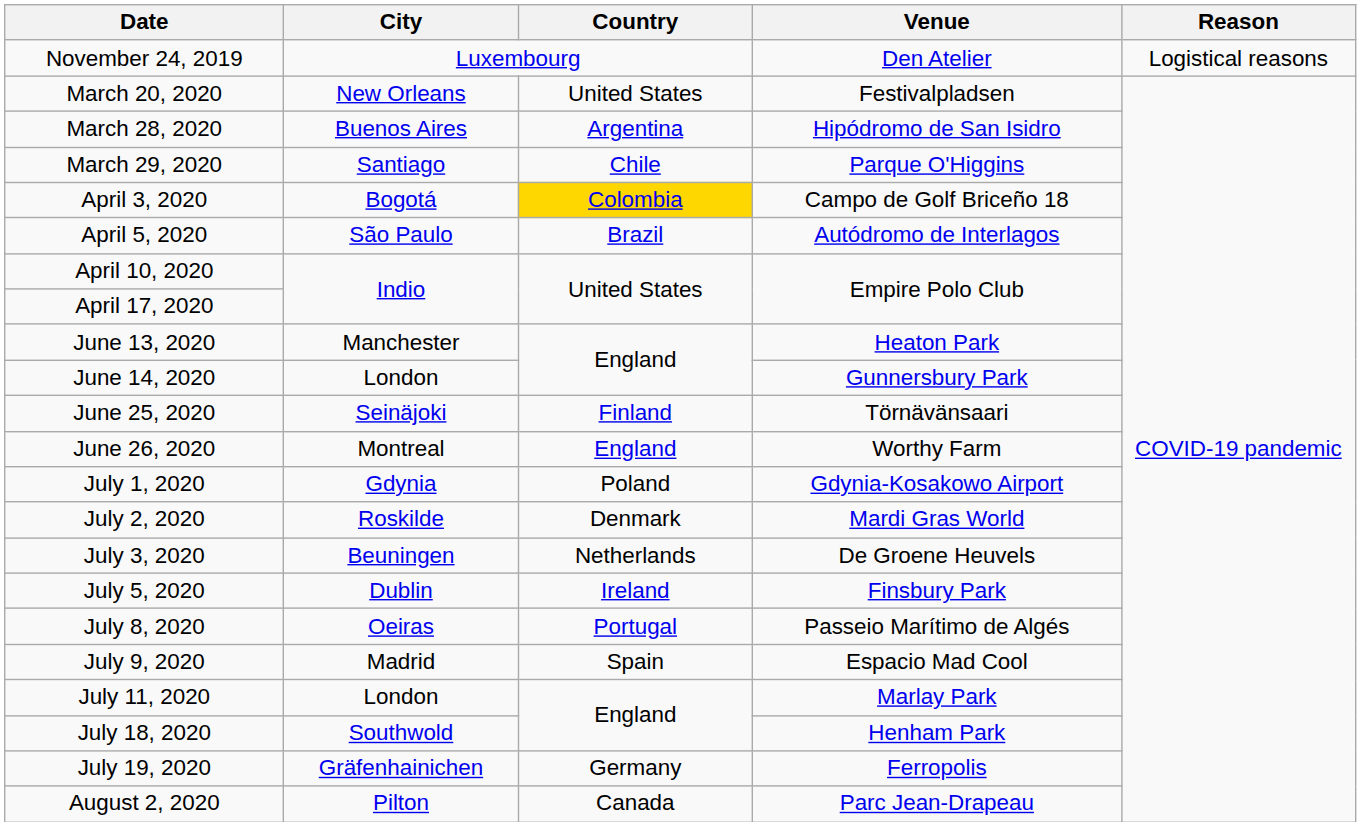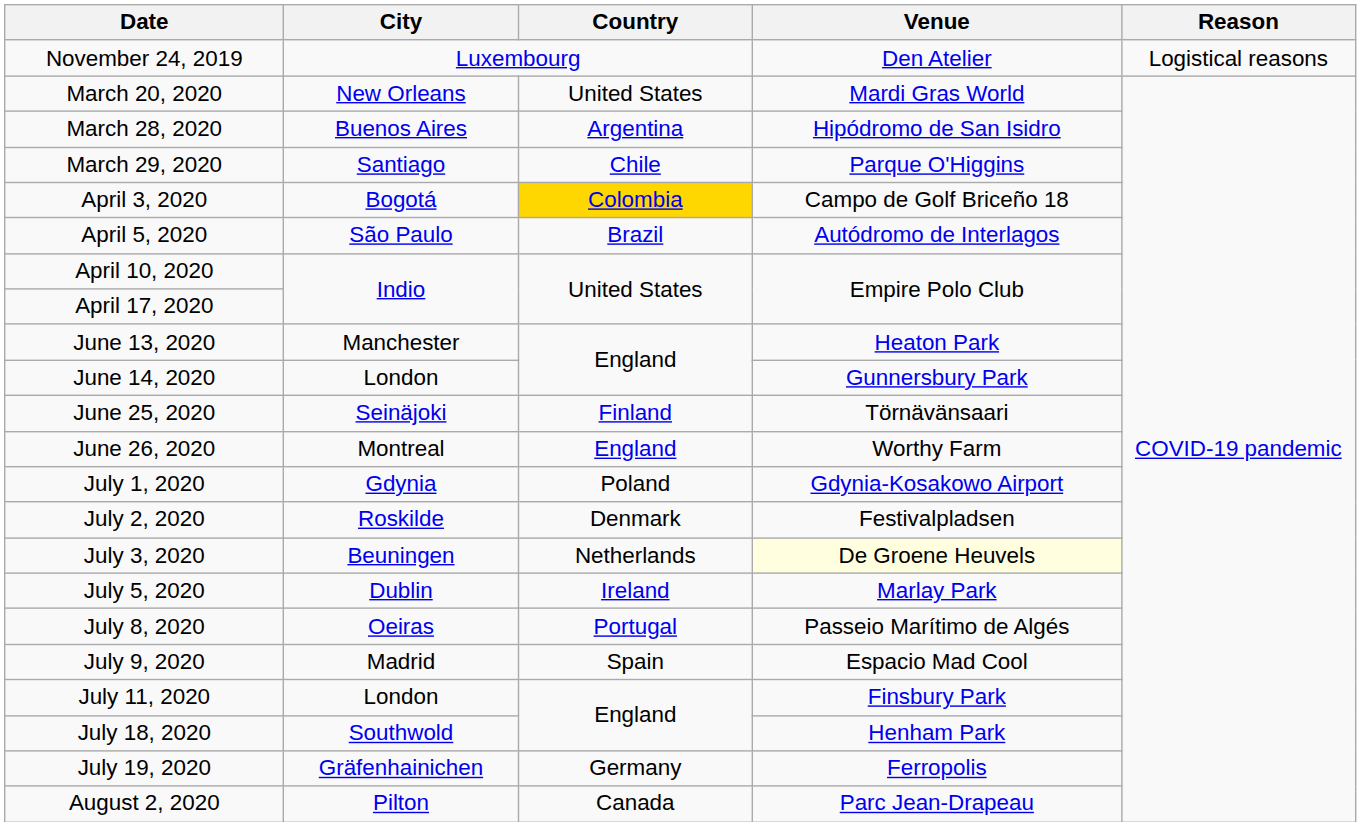 <table class="wikitable plainrowheaders" style="text-align:center;">
 <tr>
 <th scope="col" style="width:12em;">Date</th>
 <th scope="col" style="width:10em;">City</th>
 <th scope="col" style="width:10em;">Country</th>
 <th scope="col" style="width:16em;">Venue</th>
 <th scope="col" style="width:10em;">Reason</th>
 </tr>
 <tr>
 <td scope="row" style="text-align:center;">November 24, 2019</td>
 <td colspan="2"><a href='#'>Luxembourg</a></td>
 <td><a href='#'>Den Atelier</a></td>
 <td>Logistical reasons</td>
 </tr>
 <tr>
 <td>March 20, 2020</td>
 <td><a href='#'>New Orleans</a></td>
 <td>United States</td>
-<td>Festivalpladsen</td>
+<td><a href='#'>Mardi Gras World</a></td>
 <td rowspan="21"><a href='#'>COVID-19 pandemic</a></td>
 </tr>
 <tr>
 <td>March 28, 2020</td>
 <td><a href='#'>Buenos Aires</a></td>
 <td><a href='#'>Argentina</a></td>
 <td><a href='#'>Hipódromo de San Isidro</a></td>
 </tr>
 <tr>
 <td>March 29, 2020</td>
 <td><a href='#'>Santiago</a></td>
 <td><a href='#'>Chile</a></td>
 <td><a href='#'>Parque O'Higgins</a></td>
 </tr>
 <tr>
 <td>April 3, 2020</td>
 <td><a href='#'>Bogotá</a></td>
 <td style="background: gold;"><a href='#'>Colombia</a></td>
 <td>Campo de Golf Briceño 18</td>
 </tr>
 <tr>
 <td>April 5, 2020</td>
 <td><a href='#'>São Paulo</a></td>
 <td><a href='#'>Brazil</a></td>
 <td><a href='#'>Autódromo de Interlagos</a></td>
 </tr>
 <tr>
 <td>April 10, 2020</td>
 <td rowspan="2"><a href='#'>Indio</a></td>
 <td rowspan="2">United States</td>
 <td rowspan="2">Empire Polo Club</td>
 </tr>
 <tr>
 <td>April 17, 2020</td>
 </tr>
 <tr>
 <td>June 13, 2020</td>
 <td>Manchester</td>
 <td rowspan="2">England</td>
 <td><a href='#'>Heaton Park</a></td>
 </tr>
 <tr>
 <td>June 14, 2020</td>
 <td>London</td>
 <td><a href='#'>Gunnersbury Park</a></td>
 </tr>
 <tr>
 <td>June 25, 2020</td>
 <td><a href='#'>Seinäjoki</a></td>
 <td><a href='#'>Finland</a></td>
 <td>Törnävänsaari</td>
 </tr>
 <tr>
 <td>June 26, 2020</td>
 <td>Montreal</td>
 <td><a href='#'>England</a></td>
 <td>Worthy Farm</td>
 </tr>
 <tr>
 <td>July 1, 2020</td>
 <td><a href='#'>Gdynia</a></td>
 <td>Poland</td>
 <td><a href='#'>Gdynia-Kosakowo Airport</a></td>
 </tr>
 <tr>
 <td>July 2, 2020</td>
 <td><a href='#'>Roskilde</a></td>
 <td>Denmark</td>
-<td><a href='#'>Mardi Gras World</a></td>
+<td>Festivalpladsen</td>
 </tr>
 <tr>
 <td>July 3, 2020</td>
 <td><a href='#'>Beuningen</a></td>
 <td>Netherlands</td>
-<td>De Groene Heuvels</td>
+<td style="background: lightyellow;">De Groene Heuvels</td>
 </tr>
 <tr>
 <td>July 5, 2020</td>
 <td><a href='#'>Dublin</a></td>
 <td><a href='#'>Ireland</a></td>
-<td><a href='#'>Finsbury Park</a></td>
+<td><a href='#'>Marlay Park</a></td>
 </tr>
 <tr>
 <td>July 8, 2020</td>
 <td><a href='#'>Oeiras</a></td>
 <td><a href='#'>Portugal</a></td>
 <td>Passeio Marítimo de Algés</td>
 </tr>
 <tr>
 <td>July 9, 2020</td>
 <td>Madrid</td>
 <td>Spain</td>
 <td>Espacio Mad Cool</td>
 </tr>
 <tr>
 <td>July 11, 2020</td>
 <td>London</td>
 <td rowspan="2">England</td>
-<td><a href='#'>Marlay Park</a></td>
+<td><a href='#'>Finsbury Park</a></td>
 </tr>
 <tr>
 <td>July 18, 2020</td>
 <td><a href='#'>Southwold</a></td>
 <td><a href='#'>Henham Park</a></td>
 </tr>
 <tr>
 <td>July 19, 2020</td>
 <td><a href='#'>Gräfenhainichen</a></td>
 <td>Germany</td>
 <td><a href='#'>Ferropolis</a></td>
 </tr>
 <tr>
 <td>August 2, 2020</td>
 <td><a href='#'>Pilton</a></td>
 <td>Canada</td>
 <td><a href='#'>Parc Jean-Drapeau</a></td>
 </tr>
 </table>
